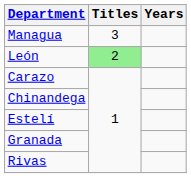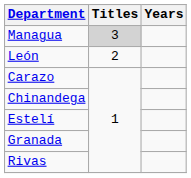 <table class="wikitable sortable" style="font-size: 95%">
 <tr>
 <th><a href='#'>Department</a></th>
 <th>Titles</th>
 <th>Years</th>
 </tr>
 <tr>
 <td><a href='#'>Managua</a></td>
-<td style="text-align:center;">3</td>
+<td style="background: lightgrey; text-align:center;">3</td>
 <td></td>
 </tr>
 <tr>
 <td><a href='#'>León</a></td>
-<td style="background: lightgreen; text-align:center;">2</td>
+<td style="text-align:center;">2</td>
 <td></td>
 </tr>
 <tr>
 <td><a href='#'>Carazo</a></td>
 <td rowspan="5" style="text-align:center;">1</td>
 <td></td>
 </tr>
 <tr>
 <td><a href='#'>Chinandega</a></td>
 <td></td>
 </tr>
 <tr>
 <td><a href='#'>Estelí</a></td>
 <td></td>
 </tr>
 <tr>
 <td><a href='#'>Granada</a></td>
 <td></td>
 </tr>
 <tr>
 <td><a href='#'>Rivas</a></td>
 <td></td>
 </tr>
 <tr>
 </tr>
 </table>
